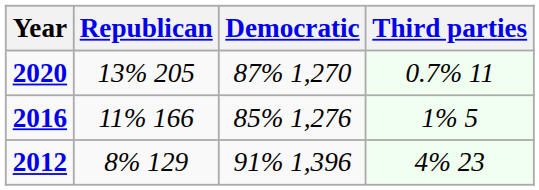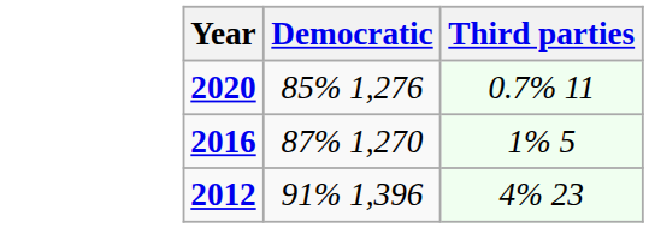 <table class="wikitable" style="float:right; font-size:95%;">
 <tr bgcolor=lightgrey>
 <th>Year</th>
-<th><a href='#'>Republican</a></th>
 <th><a href='#'>Democratic</a></th>
 <th><a href='#'>Third parties</a></th>
 </tr>
 <tr>
 <td style="text-align:center; "><strong><a href='#'>2020</a></strong></td>
-<td style="text-align:center; "><em>13%</em> <em>205</em></td>
-<td style="text-align:center; "><em>87%</em> <em>1,270</em></td>
+<td style="text-align:center; "><em>85%</em> <em>1,276</em></td>
 <td style="text-align:center; background:honeyDew;"><em>0.7%</em> <em>11</em></td>
 </tr>
 <tr>
 <td style="text-align:center; "><strong><a href='#'>2016</a></strong></td>
-<td style="text-align:center; "><em>11%</em> <em>166</em></td>
-<td style="text-align:center; "><em>85%</em> <em>1,276</em></td>
+<td style="text-align:center; "><em>87%</em> <em>1,270</em></td>
 <td style="text-align:center; background:honeyDew;"><em>1%</em> <em>5</em></td>
 </tr>
 <tr>
 <td style="text-align:center; "><strong><a href='#'>2012</a></strong></td>
-<td style="text-align:center; "><em>8%</em> <em>129</em></td>
 <td style="text-align:center; "><em>91%</em> <em>1,396</em></td>
 <td style="text-align:center; background:honeyDew;"><em>4%</em> <em>23</em></td>
 </tr>
 </table>
